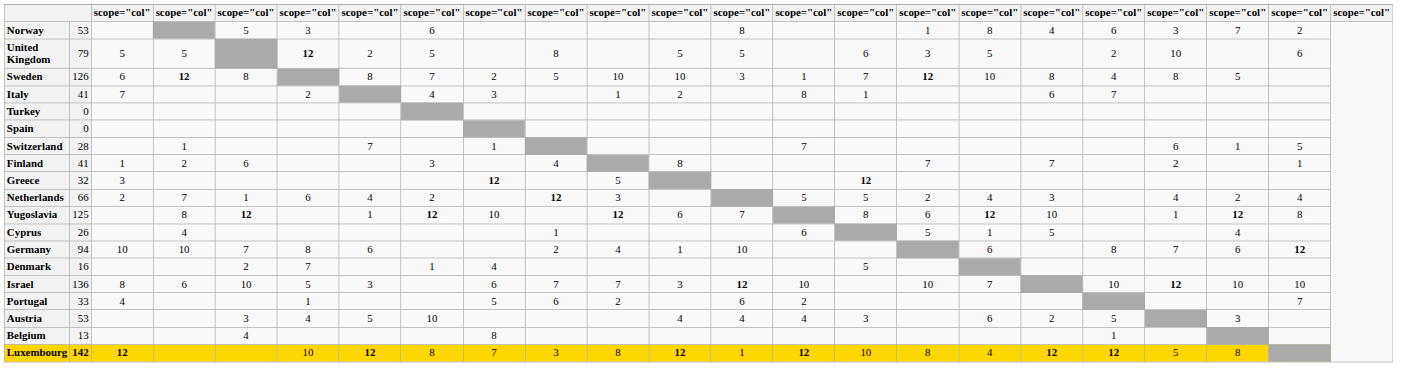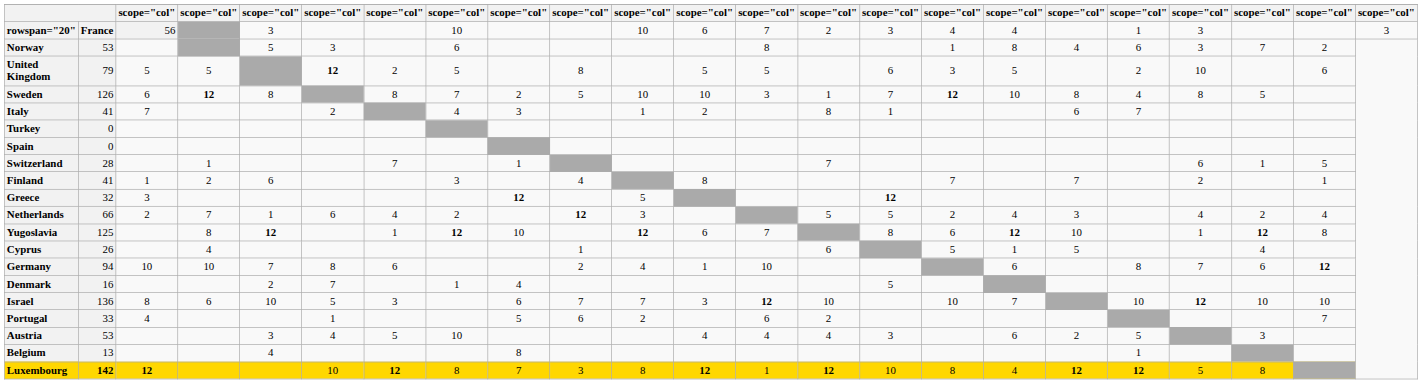 <table class="wikitable plainrowheaders" style="text-align:center;">
 <tr>
 </tr>
 <tr>
 <th colspan="2"></th>
 <th>scope="col" </th>
 <th>scope="col" </th>
 <th>scope="col" </th>
 <th>scope="col" </th>
 <th>scope="col" </th>
 <th>scope="col" </th>
 <th>scope="col" </th>
 <th>scope="col" </th>
 <th>scope="col" </th>
 <th>scope="col" </th>
 <th>scope="col" </th>
 <th>scope="col" </th>
 <th>scope="col" </th>
 <th>scope="col" </th>
 <th>scope="col" </th>
 <th>scope="col" </th>
 <th>scope="col" </th>
 <th>scope="col" </th>
 <th>scope="col" </th>
 <th>scope="col" </th>
 <th>scope="col" </th>
+</tr>
+<tr>
+<th>rowspan="20" </th>
+<th scope="row" style="text-align:left; background:#f2f2f2;">France</th>
+<td style="text-align:right; background:#f2f2f2;">56</td>
+<td style="text-align:left; background:#aaaaaa;"></td>
+<td>3</td>
+<td></td>
+<td></td>
+<td>10</td>
+<td></td>
+<td></td>
+<td>10</td>
+<td>6</td>
+<td>7</td>
+<td>2</td>
+<td>3</td>
+<td>4</td>
+<td>4</td>
+<td></td>
+<td>1</td>
+<td>3</td>
+<td></td>
+<td></td>
+<td>3</td>
 </tr>
 <tr>
 <th scope="row" style="text-align:left; background:#f2f2f2;">Norway</th>
 <td style="text-align:right; background:#f2f2f2;">53</td>
 <td></td>
 <td style="text-align:left; background:#aaaaaa;"></td>
 <td>5</td>
 <td>3</td>
 <td></td>
 <td>6</td>
 <td></td>
 <td></td>
 <td></td>
 <td></td>
 <td>8</td>
 <td></td>
 <td></td>
 <td>1</td>
 <td>8</td>
 <td>4</td>
 <td>6</td>
 <td>3</td>
 <td>7</td>
 <td>2</td>
 </tr>
 <tr>
 <th scope="row" style="text-align:left; background:#f2f2f2;">United Kingdom</th>
 <td style="text-align:right; background:#f2f2f2;">79</td>
 <td>5</td>
 <td>5</td>
 <td style="text-align:left; background:#aaaaaa;"></td>
 <td><strong>12</strong></td>
 <td>2</td>
 <td>5</td>
 <td></td>
 <td>8</td>
 <td></td>
 <td>5</td>
 <td>5</td>
 <td></td>
 <td>6</td>
 <td>3</td>
 <td>5</td>
 <td></td>
 <td>2</td>
 <td>10</td>
 <td></td>
 <td>6</td>
 </tr>
 <tr>
 <th scope="row" style="text-align:left; background:#f2f2f2;">Sweden</th>
 <td style="text-align:right; background:#f2f2f2;">126</td>
 <td>6</td>
 <td><strong>12</strong></td>
 <td>8</td>
 <td style="text-align:left; background:#aaaaaa;"></td>
 <td>8</td>
 <td>7</td>
 <td>2</td>
 <td>5</td>
 <td>10</td>
 <td>10</td>
 <td>3</td>
 <td>1</td>
 <td>7</td>
 <td><strong>12</strong></td>
 <td>10</td>
 <td>8</td>
 <td>4</td>
 <td>8</td>
 <td>5</td>
 <td></td>
 </tr>
 <tr>
 <th scope="row" style="text-align:left; background:#f2f2f2;">Italy</th>
 <td style="text-align:right; background:#f2f2f2;">41</td>
 <td>7</td>
 <td></td>
 <td></td>
 <td>2</td>
 <td style="text-align:left; background:#aaaaaa;"></td>
 <td>4</td>
 <td>3</td>
 <td></td>
 <td>1</td>
 <td>2</td>
 <td></td>
 <td>8</td>
 <td>1</td>
 <td></td>
 <td></td>
 <td>6</td>
 <td>7</td>
 <td></td>
 <td></td>
 <td></td>
 </tr>
 <tr>
 <th scope="row" style="text-align:left; background:#f2f2f2;">Turkey</th>
 <td style="text-align:right; background:#f2f2f2;">0</td>
 <td></td>
 <td></td>
 <td></td>
 <td></td>
 <td></td>
 <td style="text-align:left; background:#aaaaaa;"></td>
 <td></td>
 <td></td>
 <td></td>
 <td></td>
 <td></td>
 <td></td>
 <td></td>
 <td></td>
 <td></td>
 <td></td>
 <td></td>
 <td></td>
 <td></td>
 <td></td>
 </tr>
 <tr>
 <th scope="row" style="text-align:left; background:#f2f2f2;">Spain</th>
 <td style="text-align:right; background:#f2f2f2;">0</td>
 <td></td>
 <td></td>
 <td></td>
 <td></td>
 <td></td>
 <td></td>
 <td style="text-align:left; background:#aaaaaa;"></td>
 <td></td>
 <td></td>
 <td></td>
 <td></td>
 <td></td>
 <td></td>
 <td></td>
 <td></td>
 <td></td>
 <td></td>
 <td></td>
 <td></td>
 <td></td>
 </tr>
 <tr>
 <th scope="row" style="text-align:left; background:#f2f2f2;">Switzerland</th>
 <td style="text-align:right; background:#f2f2f2;">28</td>
 <td></td>
 <td>1</td>
 <td></td>
 <td></td>
 <td>7</td>
 <td></td>
 <td>1</td>
 <td style="text-align:left; background:#aaaaaa;"></td>
 <td></td>
 <td></td>
 <td></td>
 <td>7</td>
 <td></td>
 <td></td>
 <td></td>
 <td></td>
 <td></td>
 <td>6</td>
 <td>1</td>
 <td>5</td>
 </tr>
 <tr>
 <th scope="row" style="text-align:left; background:#f2f2f2;">Finland</th>
 <td style="text-align:right; background:#f2f2f2;">41</td>
 <td>1</td>
 <td>2</td>
 <td>6</td>
 <td></td>
 <td></td>
 <td>3</td>
 <td></td>
 <td>4</td>
 <td style="text-align:left; background:#aaaaaa;"></td>
 <td>8</td>
 <td></td>
 <td></td>
 <td></td>
 <td>7</td>
 <td></td>
 <td>7</td>
 <td></td>
 <td>2</td>
 <td></td>
 <td>1</td>
 </tr>
 <tr>
 <th scope="row" style="text-align:left; background:#f2f2f2;">Greece</th>
 <td style="text-align:right; background:#f2f2f2;">32</td>
 <td>3</td>
 <td></td>
 <td></td>
 <td></td>
 <td></td>
 <td></td>
 <td><strong>12</strong></td>
 <td></td>
 <td>5</td>
 <td style="text-align:left; background:#aaaaaa;"></td>
 <td></td>
 <td></td>
 <td><strong>12</strong></td>
 <td></td>
 <td></td>
 <td></td>
 <td></td>
 <td></td>
 <td></td>
 <td></td>
 </tr>
 <tr>
 <th scope="row" style="text-align:left; background:#f2f2f2;">Netherlands</th>
 <td style="text-align:right; background:#f2f2f2;">66</td>
 <td>2</td>
 <td>7</td>
 <td>1</td>
 <td>6</td>
 <td>4</td>
 <td>2</td>
 <td></td>
 <td><strong>12</strong></td>
 <td>3</td>
 <td></td>
 <td style="text-align:left; background:#aaaaaa;"></td>
 <td>5</td>
 <td>5</td>
 <td>2</td>
 <td>4</td>
 <td>3</td>
 <td></td>
 <td>4</td>
 <td>2</td>
 <td>4</td>
 </tr>
 <tr>
 <th scope="row" style="text-align:left; background:#f2f2f2;">Yugoslavia</th>
 <td style="text-align:right; background:#f2f2f2;">125</td>
 <td></td>
 <td>8</td>
 <td><strong>12</strong></td>
 <td></td>
 <td>1</td>
 <td><strong>12</strong></td>
 <td>10</td>
 <td></td>
 <td><strong>12</strong></td>
 <td>6</td>
 <td>7</td>
 <td style="text-align:left; background:#aaaaaa;"></td>
 <td>8</td>
 <td>6</td>
 <td><strong>12</strong></td>
 <td>10</td>
 <td></td>
 <td>1</td>
 <td><strong>12</strong></td>
 <td>8</td>
 </tr>
 <tr>
 <th scope="row" style="text-align:left; background:#f2f2f2;">Cyprus</th>
 <td style="text-align:right; background:#f2f2f2;">26</td>
 <td></td>
 <td>4</td>
 <td></td>
 <td></td>
 <td></td>
 <td></td>
 <td></td>
 <td>1</td>
 <td></td>
 <td></td>
 <td></td>
 <td>6</td>
 <td style="text-align:left; background:#aaaaaa;"></td>
 <td>5</td>
 <td>1</td>
 <td>5</td>
 <td></td>
 <td></td>
 <td>4</td>
 <td></td>
 </tr>
 <tr>
 <th scope="row" style="text-align:left; background:#f2f2f2;">Germany</th>
 <td style="text-align:right; background:#f2f2f2;">94</td>
 <td>10</td>
 <td>10</td>
 <td>7</td>
 <td>8</td>
 <td>6</td>
 <td></td>
 <td></td>
 <td>2</td>
 <td>4</td>
 <td>1</td>
 <td>10</td>
 <td></td>
 <td></td>
 <td style="text-align:left; background:#aaaaaa;"></td>
 <td>6</td>
 <td></td>
 <td>8</td>
 <td>7</td>
 <td>6</td>
 <td><strong>12</strong></td>
 </tr>
 <tr>
 <th scope="row" style="text-align:left; background:#f2f2f2;">Denmark</th>
 <td style="text-align:right; background:#f2f2f2;">16</td>
 <td></td>
 <td></td>
 <td>2</td>
 <td>7</td>
 <td></td>
 <td>1</td>
 <td>4</td>
 <td></td>
 <td></td>
 <td></td>
 <td></td>
 <td></td>
 <td>5</td>
 <td></td>
 <td style="text-align:left; background:#aaaaaa;"></td>
 <td></td>
 <td></td>
 <td></td>
 <td></td>
 <td></td>
 </tr>
 <tr>
 <th scope="row" style="text-align:left; background:#f2f2f2;">Israel</th>
 <td style="text-align:right; background:#f2f2f2;">136</td>
 <td>8</td>
 <td>6</td>
 <td>10</td>
 <td>5</td>
 <td>3</td>
 <td></td>
 <td>6</td>
 <td>7</td>
 <td>7</td>
 <td>3</td>
 <td><strong>12</strong></td>
 <td>10</td>
 <td></td>
 <td>10</td>
 <td>7</td>
 <td style="text-align:left; background:#aaaaaa;"></td>
 <td>10</td>
 <td><strong>12</strong></td>
 <td>10</td>
 <td>10</td>
 </tr>
 <tr>
 <th scope="row" style="text-align:left; background:#f2f2f2;">Portugal</th>
 <td style="text-align:right; background:#f2f2f2;">33</td>
 <td>4</td>
 <td></td>
 <td></td>
 <td>1</td>
 <td></td>
 <td></td>
 <td>5</td>
 <td>6</td>
 <td>2</td>
 <td></td>
 <td>6</td>
 <td>2</td>
 <td></td>
 <td></td>
 <td></td>
 <td></td>
 <td style="text-align:left; background:#aaaaaa;"></td>
 <td></td>
 <td></td>
 <td>7</td>
 </tr>
 <tr>
 <th scope="row" style="text-align:left; background:#f2f2f2;">Austria</th>
 <td style="text-align:right; background:#f2f2f2;">53</td>
 <td></td>
 <td></td>
 <td>3</td>
 <td>4</td>
 <td>5</td>
 <td>10</td>
 <td></td>
 <td></td>
 <td></td>
 <td>4</td>
 <td>4</td>
 <td>4</td>
 <td>3</td>
 <td></td>
 <td>6</td>
 <td>2</td>
 <td>5</td>
 <td style="text-align:left; background:#aaaaaa;"></td>
 <td>3</td>
 <td></td>
 </tr>
 <tr>
 <th scope="row" style="text-align:left; background:#f2f2f2;">Belgium</th>
 <td style="text-align:right; background:#f2f2f2;">13</td>
 <td></td>
 <td></td>
 <td>4</td>
 <td></td>
 <td></td>
 <td></td>
 <td>8</td>
 <td></td>
 <td></td>
 <td></td>
 <td></td>
 <td></td>
 <td></td>
 <td></td>
 <td></td>
 <td></td>
 <td>1</td>
 <td></td>
 <td style="text-align:left; background:#aaaaaa;"></td>
 <td></td>
 </tr>
 <tr style="background:gold;">
 <th scope="row" style="text-align:left; font-weight:bold; background:gold;">Luxembourg</th>
 <td style="text-align:right; font-weight:bold;">142</td>
 <td><strong>12</strong></td>
 <td></td>
 <td></td>
 <td>10</td>
 <td><strong>12</strong></td>
 <td>8</td>
 <td>7</td>
 <td>3</td>
 <td>8</td>
 <td><strong>12</strong></td>
 <td>1</td>
 <td><strong>12</strong></td>
 <td>10</td>
 <td>8</td>
 <td>4</td>
 <td><strong>12</strong></td>
 <td><strong>12</strong></td>
 <td>5</td>
 <td>8</td>
 <td style="text-align:left; background:#aaaaaa;"></td>
 </tr>
 </table>
